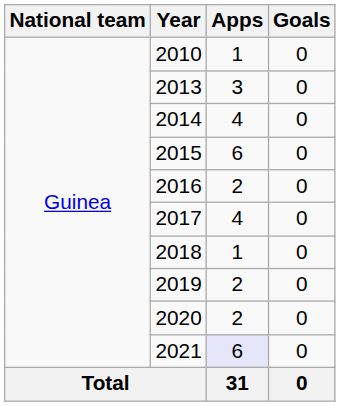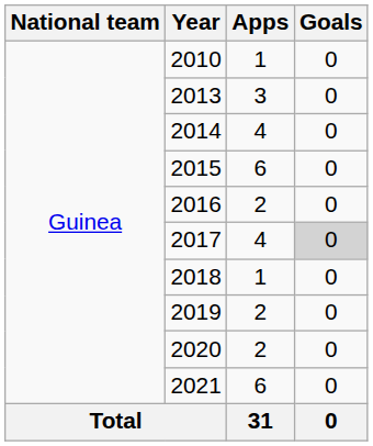 <table class="wikitable" style="text-align:center">
 <tr>
 <th>National team</th>
 <th>Year</th>
 <th>Apps</th>
 <th>Goals</th>
 </tr>
 <tr>
 <td rowspan="10"><a href='#'>Guinea</a></td>
 <td>2010</td>
 <td>1</td>
 <td>0</td>
 </tr>
 <tr>
 <td>2013</td>
 <td>3</td>
 <td>0</td>
 </tr>
 <tr>
 <td>2014</td>
 <td>4</td>
 <td>0</td>
 </tr>
 <tr>
 <td>2015</td>
 <td>6</td>
 <td>0</td>
 </tr>
 <tr>
 <td>2016</td>
 <td>2</td>
 <td>0</td>
 </tr>
 <tr>
 <td>2017</td>
 <td>4</td>
-<td>0</td>
+<td style="background: lightgrey;">0</td>
 </tr>
 <tr>
 <td>2018</td>
 <td>1</td>
 <td>0</td>
 </tr>
 <tr>
 <td>2019</td>
 <td>2</td>
 <td>0</td>
 </tr>
 <tr>
 <td>2020</td>
 <td>2</td>
 <td>0</td>
 </tr>
 <tr>
 <td>2021</td>
-<td style="background: lavender;">6</td>
+<td>6</td>
 <td>0</td>
 </tr>
 <tr>
 <th colspan="2">Total</th>
 <th>31</th>
 <th>0</th>
 </tr>
 </table>
